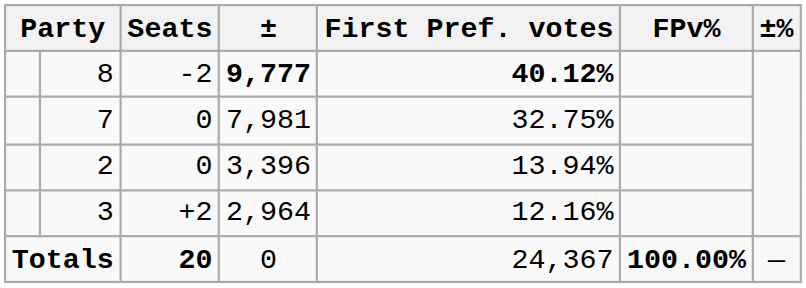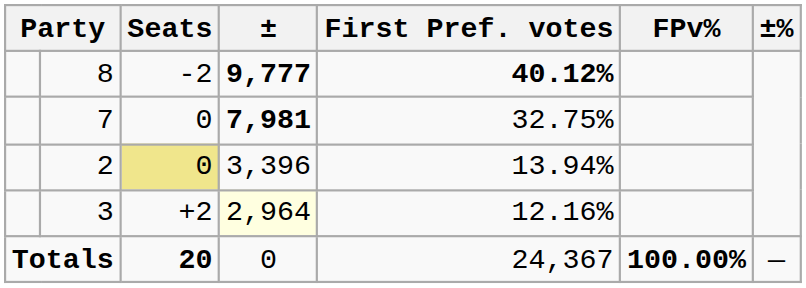 <table class=wikitable>
 <tr>
 <th colspan=2 align=center>Party</th>
 <th valign=top>Seats</th>
 <th valign=top>±</th>
 <th valign=top>First Pref. votes</th>
 <th valign=top>FPv%</th>
 <th valign=top>±%</th>
 </tr>
 <tr>
 <td></td>
 <td align=right>8</td>
 <td align=right>-2</td>
 <td align=right><strong>9,777</strong></td>
 <td align=right><strong>40.12%</strong></td>
 <td align=right></td>
 </tr>
 <tr>
 <td></td>
 <td align=right>7</td>
 <td align=right>0</td>
-<td align=right>7,981</td>
+<td align=right><strong>7,981</strong></td>
 <td align=right>32.75%</td>
 <td align=right></td>
 </tr>
 <tr>
 <td></td>
 <td align=right>2</td>
-<td align=right>0</td>
+<td align=right style="background: khaki;">0</td>
 <td align=right>3,396</td>
 <td align=right>13.94%</td>
 <td align=right></td>
 </tr>
 <tr>
 <td></td>
 <td align=right>3</td>
 <td align=right>+2</td>
-<td align=right>2,964</td>
+<td align=right style="background: lightyellow;">2,964</td>
 <td align=right>12.16%</td>
 <td align=right></td>
 </tr>
 <tr>
 <td colspan=2 align=center><strong>Totals</strong></td>
 <td align=right><strong>20</strong></td>
 <td align=center>0</td>
 <td align=right>24,367</td>
 <td align=center><strong>100.00%</strong></td>
 <td align=center>—</td>
 </tr>
 </table>
